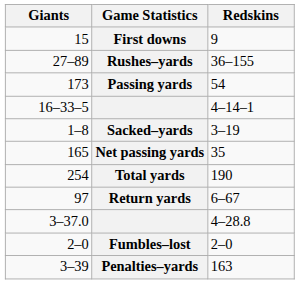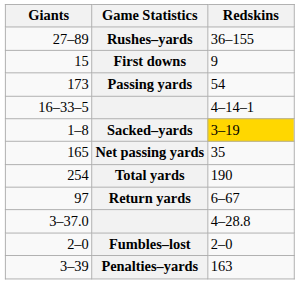 <table class="wikitable" style="margin: 1em auto 1em auto">
 <tr>
 <th style="width:30%;">Giants</th>
 <th style="width:40%;">Game Statistics</th>
 <th style="width:30%;">Redskins</th>
 </tr>
 <tr>
+<td style="text-align:right;">27–89</td>
+<th>Rushes–yards</th>
+<td>36–155</td>
+</tr>
+<tr>
 <td style="text-align:right;">15</td>
 <th>First downs</th>
 <td>9</td>
-</tr>
-<tr>
-<td style="text-align:right;">27–89</td>
-<th>Rushes–yards</th>
-<td>36–155</td>
 </tr>
 <tr>
 <td style="text-align:right;">173</td>
 <th>Passing yards</th>
 <td>54</td>
 </tr>
 <tr>
 <td style="text-align:right;">16–33–5</td>
 <th></th>
 <td>4–14–1</td>
 </tr>
 <tr>
 <td style="text-align:right;">1–8</td>
 <th>Sacked–yards</th>
-<td>3–19</td>
+<td style="background: gold;">3–19</td>
 </tr>
 <tr>
 <td style="text-align:right;">165</td>
 <th>Net passing yards</th>
 <td>35</td>
 </tr>
 <tr>
 <td style="text-align:right;">254</td>
 <th>Total yards</th>
 <td>190</td>
 </tr>
 <tr>
 <td style="text-align:right;">97</td>
 <th>Return yards</th>
 <td>6–67</td>
 </tr>
 <tr>
 <td style="text-align:right;">3–37.0</td>
 <th></th>
 <td>4–28.8</td>
 </tr>
 <tr>
 <td style="text-align:right;">2–0</td>
 <th>Fumbles–lost</th>
 <td>2–0</td>
 </tr>
 <tr>
 <td style="text-align:right;">3–39</td>
 <th>Penalties–yards</th>
 <td>163</td>
 </tr>
 </table>
